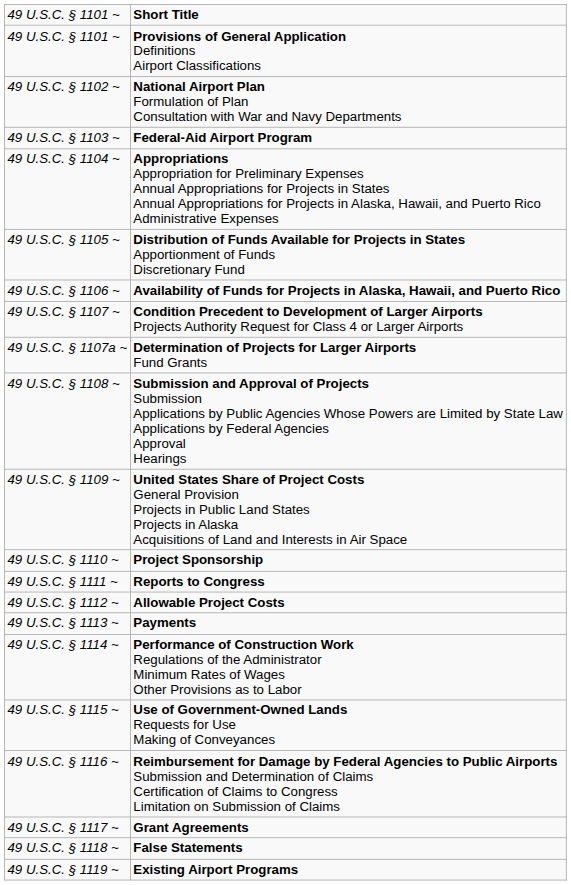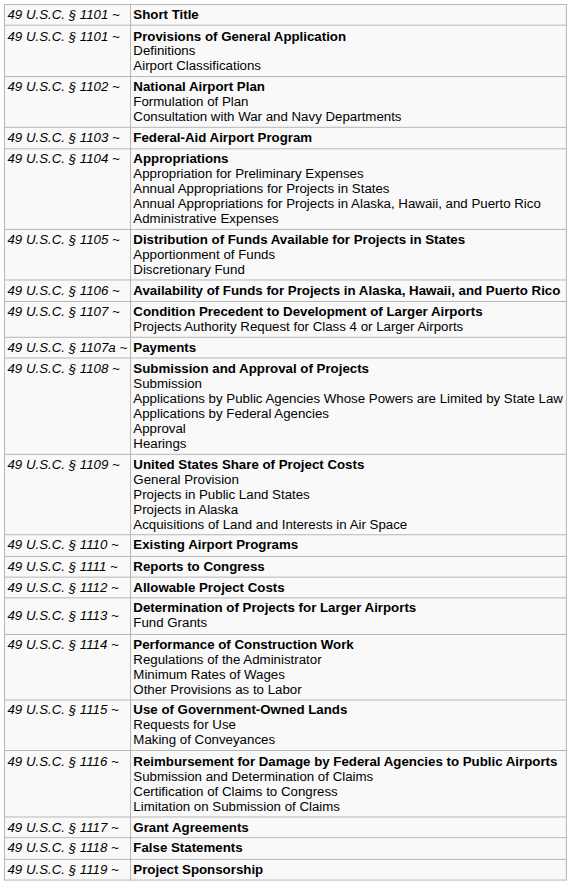 <table class="wikitable">
 <tr>
 <td><em>49 U.S.C. § 1101 ~</em></td>
 <td><strong>Short Title</strong></td>
 </tr>
 <tr>
 <td valign="top"><em>49 U.S.C. § 1101 ~</em></td>
 <td><strong>Provisions of General Application</strong><br>Definitions<br>Airport Classifications</td>
 </tr>
 <tr>
 <td valign="top"><em>49 U.S.C. § 1102 ~</em></td>
 <td><strong>National Airport Plan</strong><br>Formulation of Plan<br>Consultation with War and Navy Departments</td>
 </tr>
 <tr>
 <td><em>49 U.S.C. § 1103 ~</em></td>
 <td><strong>Federal-Aid Airport Program</strong></td>
 </tr>
 <tr>
 <td valign="top"><em>49 U.S.C. § 1104 ~</em></td>
 <td><strong>Appropriations</strong><br>Appropriation for Preliminary Expenses<br>Annual Appropriations for Projects in States<br>Annual Appropriations for Projects in Alaska, Hawaii, and Puerto Rico<br>Administrative Expenses</td>
 </tr>
 <tr>
 <td valign="top"><em>49 U.S.C. § 1105 ~</em></td>
 <td><strong>Distribution of Funds Available for Projects in States</strong><br>Apportionment of Funds<br>Discretionary Fund</td>
 </tr>
 <tr>
 <td><em>49 U.S.C. § 1106 ~</em></td>
 <td><strong>Availability of Funds for Projects in Alaska, Hawaii, and Puerto Rico</strong></td>
 </tr>
 <tr>
 <td valign="top"><em>49 U.S.C. § 1107 ~</em></td>
 <td><strong>Condition Precedent to Development of Larger Airports</strong><br>Projects Authority Request for Class 4 or Larger Airports</td>
 </tr>
 <tr>
 <td valign="top"><em>49 U.S.C. § 1107a ~</em></td>
-<td><strong>Determination of Projects for Larger Airports</strong><br>Fund Grants</td>
+<td><strong>Payments</strong></td>
 </tr>
 <tr>
 <td valign="top"><em>49 U.S.C. § 1108 ~</em></td>
 <td><strong>Submission and Approval of Projects</strong><br>Submission<br>Applications by Public Agencies Whose Powers are Limited by State Law<br>Applications by Federal Agencies<br>Approval<br>Hearings</td>
 </tr>
 <tr>
 <td valign="top"><em>49 U.S.C. § 1109 ~</em></td>
 <td><strong>United States Share of Project Costs</strong><br>General Provision<br>Projects in Public Land States<br>Projects in Alaska<br>Acquisitions of Land and Interests in Air Space</td>
 </tr>
 <tr>
 <td><em>49 U.S.C. § 1110 ~</em></td>
-<td><strong>Project Sponsorship</strong></td>
+<td><strong>Existing Airport Programs</strong></td>
 </tr>
 <tr>
 <td><em>49 U.S.C. § 1111 ~</em></td>
 <td><strong>Reports to Congress</strong></td>
 </tr>
 <tr>
 <td><em>49 U.S.C. § 1112 ~</em></td>
 <td><strong>Allowable Project Costs</strong></td>
 </tr>
 <tr>
 <td><em>49 U.S.C. § 1113 ~</em></td>
-<td><strong>Payments</strong></td>
+<td><strong>Determination of Projects for Larger Airports</strong><br>Fund Grants</td>
 </tr>
 <tr>
 <td valign="top"><em>49 U.S.C. § 1114 ~</em></td>
 <td><strong>Performance of Construction Work</strong><br>Regulations of the Administrator<br>Minimum Rates of Wages<br>Other Provisions as to Labor</td>
 </tr>
 <tr>
 <td valign="top"><em>49 U.S.C. § 1115 ~</em></td>
 <td><strong>Use of Government-Owned Lands</strong><br>Requests for Use<br>Making of Conveyances</td>
 </tr>
 <tr>
 <td valign="top"><em>49 U.S.C. § 1116 ~</em></td>
 <td><strong>Reimbursement for Damage by Federal Agencies to Public Airports</strong><br>Submission and Determination of Claims<br>Certification of Claims to Congress<br>Limitation on Submission of Claims</td>
 </tr>
 <tr>
 <td><em>49 U.S.C. § 1117 ~</em></td>
 <td><strong>Grant Agreements</strong></td>
 </tr>
 <tr>
 <td><em>49 U.S.C. § 1118 ~</em></td>
 <td><strong>False Statements</strong></td>
 </tr>
 <tr>
 <td><em>49 U.S.C. § 1119 ~</em></td>
-<td><strong>Existing Airport Programs</strong></td>
+<td><strong>Project Sponsorship</strong></td>
 </tr>
 </table>
